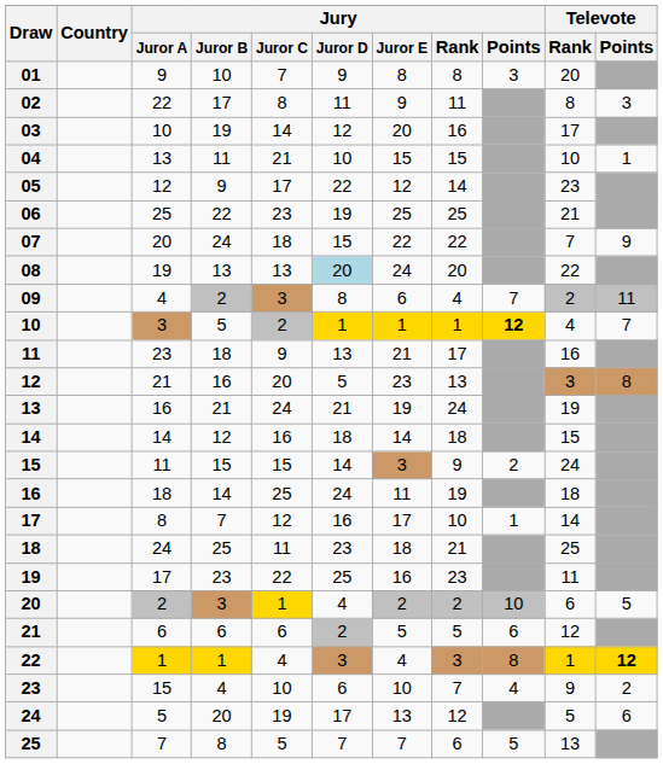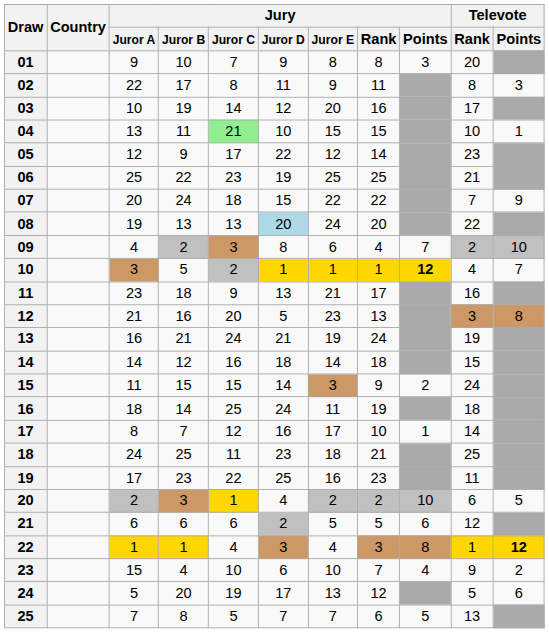 <table class="sortable wikitable collapsible plainrowheaders" style="text-align:center;">
 <tr>
 </tr>
 <tr>
 <th scope="col" rowspan="2">Draw</th>
 <th scope="col" rowspan="2">Country</th>
 <th scope="col" colspan="7">Jury</th>
 <th scope="col" colspan="2">Televote</th>
 </tr>
 <tr>
 <th scope="col"><small>Juror A</small></th>
 <th scope="col"><small>Juror B</small></th>
 <th scope="col"><small>Juror C</small></th>
 <th scope="col"><small>Juror D</small></th>
 <th scope="col"><small>Juror E</small></th>
 <th scope="col">Rank</th>
 <th scope="col">Points</th>
 <th scope="col">Rank</th>
 <th scope="col">Points</th>
 </tr>
 <tr>
 <th scope="row" style="text-align:center;">01</th>
 <td style="text-align:left;"></td>
 <td>9</td>
 <td>10</td>
 <td>7</td>
 <td>9</td>
 <td>8</td>
 <td>8</td>
 <td>3</td>
 <td>20</td>
 <td style="background:#AAAAAA;"></td>
 </tr>
 <tr>
 <th scope="row" style="text-align:center;">02</th>
 <td style="text-align:left;"></td>
 <td>22</td>
 <td>17</td>
 <td>8</td>
 <td>11</td>
 <td>9</td>
 <td>11</td>
 <td style="background:#AAAAAA;"></td>
 <td>8</td>
 <td>3</td>
 </tr>
 <tr>
 <th scope="row" style="text-align:center;">03</th>
 <td style="text-align:left;"></td>
 <td>10</td>
 <td>19</td>
 <td>14</td>
 <td>12</td>
 <td>20</td>
 <td>16</td>
 <td style="background:#AAAAAA;"></td>
 <td>17</td>
 <td style="background:#AAAAAA;"></td>
 </tr>
 <tr>
 <th scope="row" style="text-align:center;">04</th>
 <td style="text-align:left;"></td>
 <td>13</td>
 <td>11</td>
-<td>21</td>
+<td style="background: lightgreen;">21</td>
 <td>10</td>
 <td>15</td>
 <td>15</td>
 <td style="background:#AAAAAA;"></td>
 <td>10</td>
 <td>1</td>
 </tr>
 <tr>
 <th scope="row" style="text-align:center;">05</th>
 <td style="text-align:left;"></td>
 <td>12</td>
 <td>9</td>
 <td>17</td>
 <td>22</td>
 <td>12</td>
 <td>14</td>
 <td style="background:#AAAAAa;"></td>
 <td>23</td>
 <td style="background:#AAAAAA;"></td>
 </tr>
 <tr>
 <th scope="row" style="text-align:center;">06</th>
 <td style="text-align:left;"></td>
 <td>25</td>
 <td>22</td>
 <td>23</td>
 <td>19</td>
 <td>25</td>
 <td>25</td>
 <td style="background:#AAAAAA;"></td>
 <td>21</td>
 <td style="background:#AAAAAA;"></td>
 </tr>
 <tr>
 <th scope="row" style="text-align:center;">07</th>
 <td style="text-align:left;"></td>
 <td>20</td>
 <td>24</td>
 <td>18</td>
 <td>15</td>
 <td>22</td>
 <td>22</td>
 <td style="background:#AAAAAA;"></td>
 <td>7</td>
 <td>9</td>
 </tr>
 <tr>
 <th scope="row" style="text-align:center;">08</th>
 <td style="text-align:left;"></td>
 <td>19</td>
 <td>13</td>
 <td>13</td>
 <td style="background: lightblue;">20</td>
 <td>24</td>
 <td>20</td>
 <td style="background:#AAAAAA;"></td>
 <td>22</td>
 <td style="background:#AAAAAA;"></td>
 </tr>
 <tr>
 <th scope="row" style="text-align:center;">09</th>
 <td style="text-align:left;"></td>
 <td>4</td>
 <td style="background:silver;">2</td>
 <td style="background:#CC9966;">3</td>
 <td>8</td>
 <td>6</td>
 <td>4</td>
 <td>7</td>
 <td style="background:silver;">2</td>
-<td style="background:silver;">11</td>
+<td style="background:silver;">10</td>
 </tr>
 <tr>
 <th scope="row" style="text-align:center;">10</th>
 <td style="text-align:left;"></td>
 <td style="background:#CC9966;">3</td>
 <td>5</td>
 <td style="background:silver;">2</td>
 <td style="background:gold;">1</td>
 <td style="background:gold;">1</td>
 <td style="background:gold;">1</td>
 <td style="background:gold;"><strong>12</strong></td>
 <td>4</td>
 <td>7</td>
 </tr>
 <tr>
 <th scope="row" style="text-align:center;">11</th>
 <td style="text-align:left;"></td>
 <td>23</td>
 <td>18</td>
 <td>9</td>
 <td>13</td>
 <td>21</td>
 <td>17</td>
 <td style="background:#AAAAAA;"></td>
 <td>16</td>
 <td style="background:#AAAAAA;"></td>
 </tr>
 <tr>
 <th scope="row" style="text-align:center;">12</th>
 <td style="text-align:left;"></td>
 <td>21</td>
 <td>16</td>
 <td>20</td>
 <td>5</td>
 <td>23</td>
 <td>13</td>
 <td style="background:#AAAAAA;"></td>
 <td style="background:#CC9966;">3</td>
 <td style="background:#CC9966;">8</td>
 </tr>
 <tr>
 <th scope="row" style="text-align:center;">13</th>
 <td style="text-align:left;"></td>
 <td>16</td>
 <td>21</td>
 <td>24</td>
 <td>21</td>
 <td>19</td>
 <td>24</td>
 <td style="background:#AAAAAA;"></td>
 <td>19</td>
 <td style="background:#AAAAAA;"></td>
 </tr>
 <tr>
 <th scope="row" style="text-align:center;">14</th>
 <td style="text-align:left;"></td>
 <td>14</td>
 <td>12</td>
 <td>16</td>
 <td>18</td>
 <td>14</td>
 <td>18</td>
 <td style="background:#AAAAAA;"></td>
 <td>15</td>
 <td style="background:#AAAAAA;"></td>
 </tr>
 <tr>
 <th scope="row" style="text-align:center;">15</th>
 <td style="text-align:left;"></td>
 <td>11</td>
 <td>15</td>
 <td>15</td>
 <td>14</td>
 <td style="background:#CC9966;">3</td>
 <td>9</td>
 <td>2</td>
 <td>24</td>
 <td style="background:#AAAAAA;"></td>
 </tr>
 <tr>
 <th scope="row" style="text-align:center;">16</th>
 <td style="text-align:left;"></td>
 <td>18</td>
 <td>14</td>
 <td>25</td>
 <td>24</td>
 <td>11</td>
 <td>19</td>
 <td style="background:#AAAAAA;"></td>
 <td>18</td>
 <td style="background:#AAAAAA;"></td>
 </tr>
 <tr>
 <th scope="row" style="text-align:center;">17</th>
 <td style="text-align:left;"></td>
 <td>8</td>
 <td>7</td>
 <td>12</td>
 <td>16</td>
 <td>17</td>
 <td>10</td>
 <td>1</td>
 <td>14</td>
 <td style="background:#AAAAAA;"></td>
 </tr>
 <tr>
 <th scope="row" style="text-align:center;">18</th>
 <td style="text-align:left;"></td>
 <td>24</td>
 <td>25</td>
 <td>11</td>
 <td>23</td>
 <td>18</td>
 <td>21</td>
 <td style="background:#AAAAAA;"></td>
 <td>25</td>
 <td style="background:#AAAAAA;"></td>
 </tr>
 <tr>
 <th scope="row" style="text-align:center;">19</th>
 <td style="text-align:left;"></td>
 <td>17</td>
 <td>23</td>
 <td>22</td>
 <td>25</td>
 <td>16</td>
 <td>23</td>
 <td style="background:#AAAAAA;"></td>
 <td>11</td>
 <td style="background:#AAAAAA;"></td>
 </tr>
 <tr>
 <th scope="row" style="text-align:center;">20</th>
 <td style="text-align:left;"></td>
 <td style="background:silver;">2</td>
 <td style="background:#CC9966;">3</td>
 <td style="background:gold;">1</td>
 <td>4</td>
 <td style="background:silver;">2</td>
 <td style="background:silver;">2</td>
 <td style="background:silver;">10</td>
 <td>6</td>
 <td>5</td>
 </tr>
 <tr>
 <th scope="row" style="text-align:center;">21</th>
 <td style="text-align:left;"></td>
 <td>6</td>
 <td>6</td>
 <td>6</td>
 <td style="background:silver;">2</td>
 <td>5</td>
 <td>5</td>
 <td>6</td>
 <td>12</td>
 <td style="background:#AAAAAA;"></td>
 </tr>
 <tr>
 <th scope="row" style="text-align:center;">22</th>
 <td style="text-align:left;"></td>
 <td style="background:gold;">1</td>
 <td style="background:gold;">1</td>
 <td>4</td>
 <td style="background:#CC9966;">3</td>
 <td>4</td>
 <td style="background:#CC9966;">3</td>
 <td style="background:#CC9966;">8</td>
 <td style="background:gold;">1</td>
 <td style="background:gold;"><strong>12</strong></td>
 </tr>
 <tr>
 <th scope="row" style="text-align:center;">23</th>
 <td style="text-align:left;"></td>
 <td>15</td>
 <td>4</td>
 <td>10</td>
 <td>6</td>
 <td>10</td>
 <td>7</td>
 <td>4</td>
 <td>9</td>
 <td>2</td>
 </tr>
 <tr>
 <th scope="row" style="text-align:center;">24</th>
 <td style="text-align:left;"></td>
 <td>5</td>
 <td>20</td>
 <td>19</td>
 <td>17</td>
 <td>13</td>
 <td>12</td>
 <td style="background:#AAAAAA;"></td>
 <td>5</td>
 <td>6</td>
 </tr>
 <tr>
 <th scope="row" style="text-align:center;">25</th>
 <td style="text-align:left;"></td>
 <td>7</td>
 <td>8</td>
 <td>5</td>
 <td>7</td>
 <td>7</td>
 <td>6</td>
 <td>5</td>
 <td>13</td>
 <td style="background:#AAAAAA;"></td>
 </tr>
 </table>
